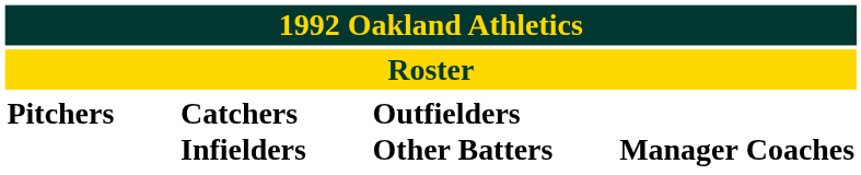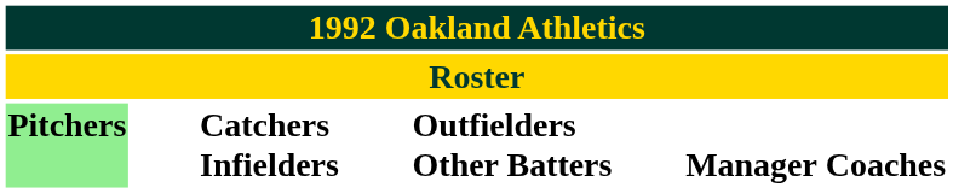 <table class="toccolours" style="font-size: 95%;">
 <tr>
 <th colspan="10" style="background-color: #003831; color: #FFD800; text-align: center;">1992 Oakland Athletics</th>
 </tr>
 <tr>
 <td colspan="10" style="background-color: #FFD800; color: #003831; text-align: center;"><strong>Roster</strong></td>
 </tr>
 <tr>
-<td valign="top"><strong>Pitchers</strong><br>                     </td>
+<td valign="top" style="background: lightgreen;"><strong>Pitchers</strong><br>                     </td>
 <td width="25px"></td>
 <td valign="top"><strong>Catchers</strong><br>    <strong>Infielders</strong>      </td>
 <td width="25px"></td>
 <td valign="top"><strong>Outfielders</strong><br>           <strong>Other Batters</strong> </td>
 <td width="25px"></td>
 <td valign="top"><br><strong>Manager</strong>  <strong>Coaches</strong>      </td>
 </tr>
 </table>
